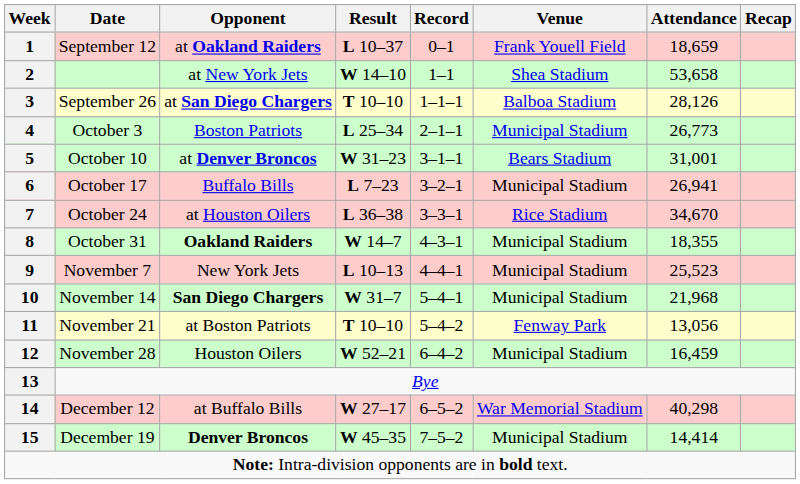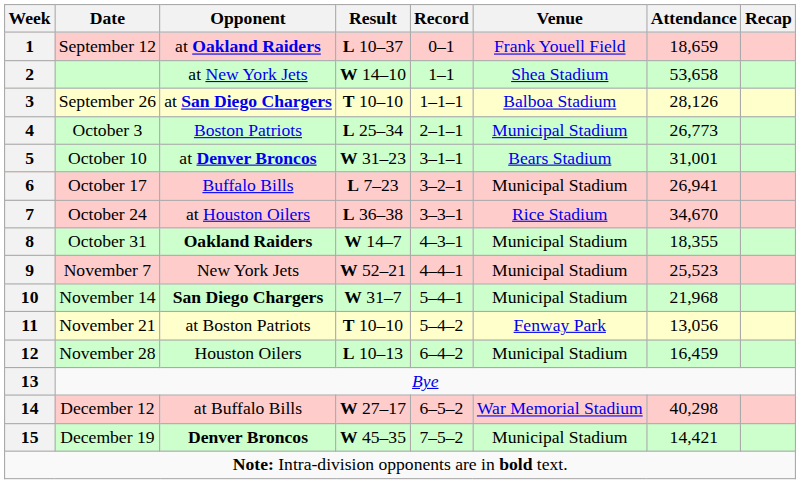 <table class="wikitable" style="text-align:center">
 <tr>
 <th>Week</th>
 <th>Date</th>
 <th>Opponent</th>
 <th>Result</th>
 <th>Record</th>
 <th>Venue</th>
 <th>Attendance</th>
 <th>Recap</th>
 </tr>
 <tr style="background:#fcc">
 <th>1</th>
 <td>September 12</td>
 <td>at <strong><a href='#'>Oakland Raiders</a></strong></td>
 <td><strong>L</strong> 10–37</td>
 <td>0–1</td>
 <td><a href='#'>Frank Youell Field</a></td>
 <td>18,659</td>
 <td></td>
 </tr>
 <tr style="background:#cfc">
 <th>2</th>
 <td></td>
 <td>at <a href='#'>New York Jets</a></td>
 <td><strong>W</strong> 14–10</td>
 <td>1–1</td>
 <td><a href='#'>Shea Stadium</a></td>
 <td>53,658</td>
 <td></td>
 </tr>
 <tr style="background:#ffc">
 <th>3</th>
 <td>September 26</td>
 <td>at <strong><a href='#'>San Diego Chargers</a></strong></td>
 <td><strong>T</strong> 10–10</td>
 <td>1–1–1</td>
 <td><a href='#'>Balboa Stadium</a></td>
 <td>28,126</td>
 <td></td>
 </tr>
 <tr style="background:#cfc">
 <th>4</th>
 <td>October 3</td>
 <td><a href='#'>Boston Patriots</a></td>
 <td><strong>L</strong> 25–34</td>
 <td>2–1–1</td>
 <td><a href='#'>Municipal Stadium</a></td>
 <td>26,773</td>
 <td></td>
 </tr>
 <tr style="background:#cfc">
 <th>5</th>
 <td>October 10</td>
 <td>at <strong><a href='#'>Denver Broncos</a></strong></td>
 <td><strong>W</strong> 31–23</td>
 <td>3–1–1</td>
 <td><a href='#'>Bears Stadium</a></td>
 <td>31,001</td>
 <td></td>
 </tr>
 <tr style="background:#fcc">
 <th>6</th>
 <td>October 17</td>
 <td><a href='#'>Buffalo Bills</a></td>
 <td><strong>L</strong> 7–23</td>
 <td>3–2–1</td>
 <td>Municipal Stadium</td>
 <td>26,941</td>
 <td></td>
 </tr>
 <tr style="background:#fcc">
 <th>7</th>
 <td>October 24</td>
 <td>at <a href='#'>Houston Oilers</a></td>
 <td><strong>L</strong> 36–38</td>
 <td>3–3–1</td>
 <td><a href='#'>Rice Stadium</a></td>
 <td>34,670</td>
 <td></td>
 </tr>
 <tr style="background:#cfc">
 <th>8</th>
 <td>October 31</td>
 <td><strong>Oakland Raiders</strong></td>
 <td><strong>W</strong> 14–7</td>
 <td>4–3–1</td>
 <td>Municipal Stadium</td>
 <td>18,355</td>
 <td></td>
 </tr>
 <tr style="background:#fcc">
 <th>9</th>
 <td>November 7</td>
 <td>New York Jets</td>
-<td><strong>L</strong> 10–13</td>
+<td><strong>W</strong> 52–21</td>
 <td>4–4–1</td>
 <td>Municipal Stadium</td>
 <td>25,523</td>
 <td></td>
 </tr>
 <tr style="background:#cfc">
 <th>10</th>
 <td>November 14</td>
 <td><strong>San Diego Chargers</strong></td>
 <td><strong>W</strong> 31–7</td>
 <td>5–4–1</td>
 <td>Municipal Stadium</td>
 <td>21,968</td>
 <td></td>
 </tr>
 <tr style="background:#ffc">
 <th>11</th>
 <td>November 21</td>
 <td>at Boston Patriots</td>
 <td><strong>T</strong> 10–10</td>
 <td>5–4–2</td>
 <td><a href='#'>Fenway Park</a></td>
 <td>13,056</td>
 <td></td>
 </tr>
 <tr style="background:#cfc;">
 <th>12</th>
 <td>November 28</td>
 <td>Houston Oilers</td>
-<td><strong>W</strong> 52–21</td>
+<td><strong>L</strong> 10–13</td>
 <td>6–4–2</td>
 <td>Municipal Stadium</td>
 <td>16,459</td>
 <td></td>
 </tr>
 <tr>
 <th>13</th>
 <td colspan="7"><em><a href='#'>Bye</a></em></td>
 </tr>
 <tr style="background:#fcc">
 <th>14</th>
 <td>December 12</td>
 <td>at Buffalo Bills</td>
 <td><strong>W</strong> 27–17</td>
 <td>6–5–2</td>
 <td><a href='#'>War Memorial Stadium</a></td>
 <td>40,298</td>
 <td></td>
 </tr>
 <tr style="background:#cfc">
 <th>15</th>
 <td>December 19</td>
 <td><strong>Denver Broncos</strong></td>
 <td><strong>W</strong> 45–35</td>
 <td>7–5–2</td>
 <td>Municipal Stadium</td>
-<td>14,414</td>
+<td>14,421</td>
 <td></td>
 </tr>
 <tr>
 <td colspan="8"><strong>Note:</strong> Intra-division opponents are in <strong>bold</strong> text.</td>
 </tr>
 </table>
